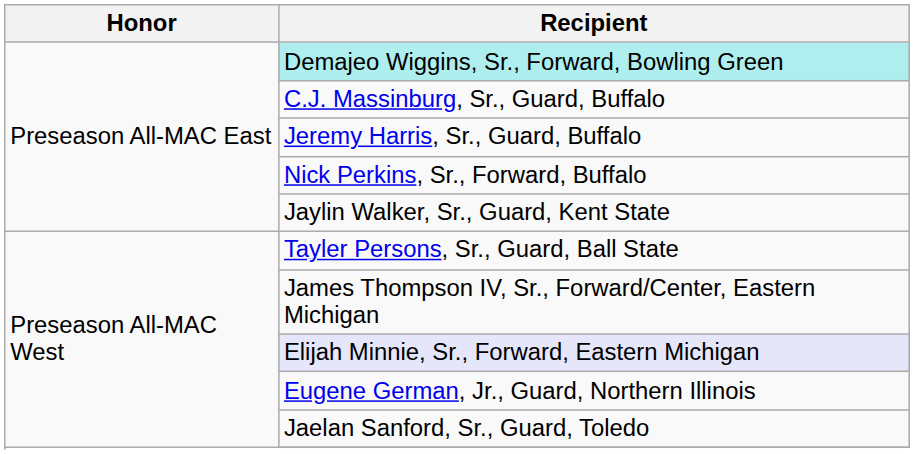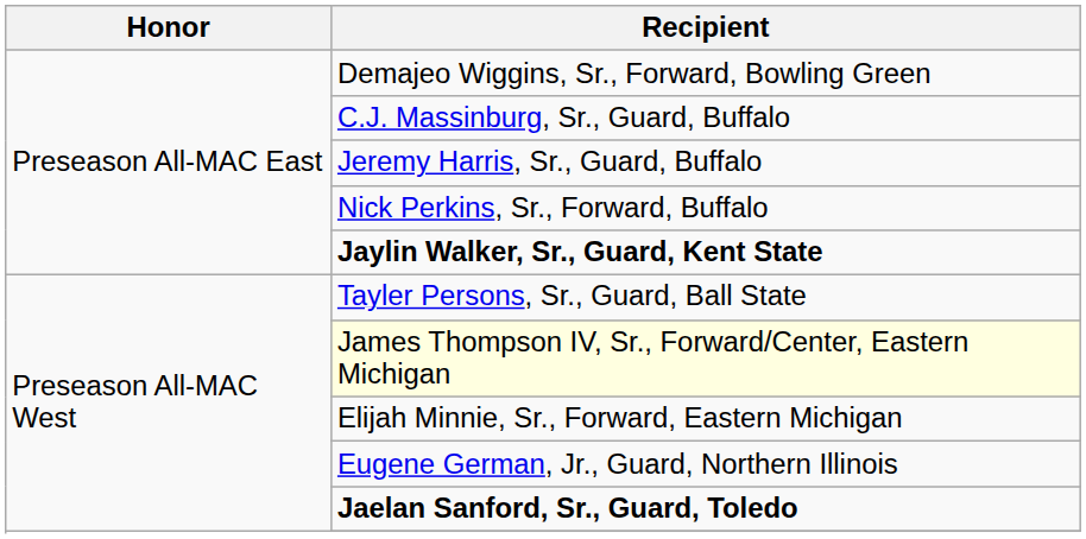 <table class="wikitable" border="1">
 <tr>
 <th>Honor</th>
 <th>Recipient</th>
 </tr>
 <tr>
 <td rowspan=5 valign=middle>Preseason All-MAC East</td>
-<td style="background: paleturquoise;">Demajeo Wiggins, Sr., Forward, Bowling Green</td>
+<td>Demajeo Wiggins, Sr., Forward, Bowling Green</td>
 </tr>
 <tr>
 <td><a href='#'>C.J. Massinburg</a>, Sr., Guard, Buffalo</td>
 </tr>
 <tr>
 <td><a href='#'>Jeremy Harris</a>, Sr., Guard, Buffalo</td>
 </tr>
 <tr>
 <td><a href='#'>Nick Perkins</a>, Sr., Forward, Buffalo</td>
 </tr>
 <tr>
-<td>Jaylin Walker, Sr., Guard, Kent State</td>
+<td><strong>Jaylin Walker, Sr., Guard, Kent State</strong></td>
 </tr>
 <tr>
 <td rowspan=6 valign=middle>Preseason All-MAC West</td>
 <td><a href='#'>Tayler Persons</a>, Sr., Guard, Ball State</td>
 </tr>
 <tr>
-<td>James Thompson IV, Sr., Forward/Center, Eastern Michigan</td>
+<td style="background: lightyellow;">James Thompson IV, Sr., Forward/Center, Eastern Michigan</td>
 </tr>
 <tr>
-<td style="background: lavender;">Elijah Minnie, Sr., Forward, Eastern Michigan</td>
+<td>Elijah Minnie, Sr., Forward, Eastern Michigan</td>
 </tr>
 <tr>
 <td><a href='#'>Eugene German</a>, Jr., Guard, Northern Illinois</td>
 </tr>
 <tr>
-<td>Jaelan Sanford, Sr., Guard, Toledo</td>
+<td><strong>Jaelan Sanford, Sr., Guard, Toledo</strong></td>
 </tr>
 <tr>
 </tr>
 </table>
